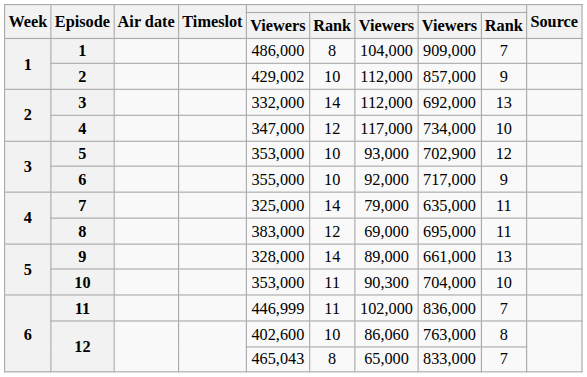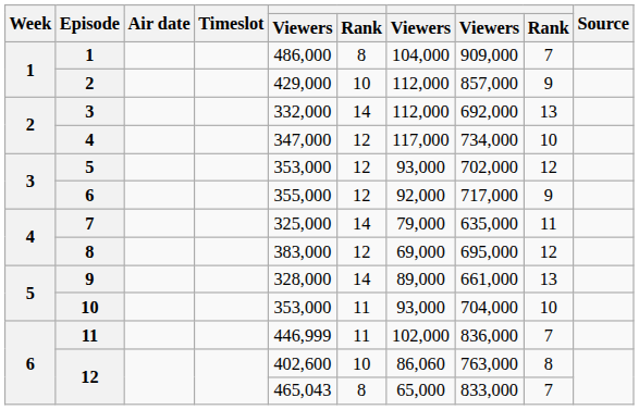 <table class="wikitable nowrap" style="text-align:center; font-size:90%; line-height:16px;">
 <tr>
 <th rowspan="2">Week</th>
 <th rowspan="2">Episode</th>
 <th rowspan="2" class="unsortable">Air date</th>
 <th rowspan="2" class="unsortable">Timeslot</th>
 <th colspan="2"></th>
 <th></th>
 <th colspan="2"></th>
 <th rowspan="2">Source</th>
 </tr>
 <tr>
 <th>Viewers</th>
 <th>Rank</th>
 <th>Viewers</th>
 <th>Viewers</th>
 <th>Rank</th>
 </tr>
 <tr>
 <th rowspan="2">1</th>
 <th>1</th>
 <td style="text-align:left"></td>
 <td style="text-align:left"></td>
 <td>486,000</td>
 <td>8</td>
 <td>104,000</td>
 <td>909,000</td>
 <td>7</td>
 <td></td>
 </tr>
 <tr>
 <th>2</th>
 <td style="text-align:left"></td>
 <td style="text-align:left"></td>
-<td>429,002</td>
+<td>429,000</td>
 <td>10</td>
 <td>112,000</td>
 <td>857,000</td>
 <td>9</td>
 <td></td>
 </tr>
 <tr>
 <th rowspan="2">2</th>
 <th>3</th>
 <td style="text-align:left"></td>
 <td style="text-align:left"></td>
 <td>332,000</td>
 <td>14</td>
 <td>112,000</td>
 <td>692,000</td>
 <td>13</td>
 <td></td>
 </tr>
 <tr>
 <th>4</th>
 <td style="text-align:left"></td>
 <td style="text-align:left"></td>
 <td>347,000</td>
 <td>12</td>
 <td>117,000</td>
 <td>734,000</td>
 <td>10</td>
 <td></td>
 </tr>
 <tr>
 <th rowspan="2">3</th>
 <th>5</th>
 <td style="text-align:left"></td>
 <td style="text-align:left"></td>
 <td>353,000</td>
-<td>10</td>
+<td>12</td>
 <td>93,000</td>
-<td>702,900</td>
+<td>702,000</td>
 <td>12</td>
 <td></td>
 </tr>
 <tr>
 <th>6</th>
 <td style="text-align:left"></td>
 <td style="text-align:left"></td>
 <td>355,000</td>
-<td>10</td>
+<td>12</td>
 <td>92,000</td>
 <td>717,000</td>
 <td>9</td>
 <td></td>
 </tr>
 <tr>
 <th rowspan="2">4</th>
 <th>7</th>
 <td style="text-align:left"></td>
 <td style="text-align:left"></td>
 <td>325,000</td>
 <td>14</td>
 <td>79,000</td>
 <td>635,000</td>
 <td>11</td>
 <td></td>
 </tr>
 <tr>
 <th>8</th>
 <td style="text-align:left"></td>
 <td style="text-align:left"></td>
 <td>383,000</td>
 <td>12</td>
 <td>69,000</td>
 <td>695,000</td>
-<td>11</td>
+<td>12</td>
 <td></td>
 </tr>
 <tr>
 <th rowspan="2">5</th>
 <th>9</th>
 <td style="text-align:left"></td>
 <td style="text-align:left"></td>
 <td>328,000</td>
 <td>14</td>
 <td>89,000</td>
 <td>661,000</td>
 <td>13</td>
 <td></td>
 </tr>
 <tr>
 <th>10</th>
 <td style="text-align:left"></td>
 <td style="text-align:left"></td>
 <td>353,000</td>
 <td>11</td>
-<td>90,300</td>
+<td>93,000</td>
 <td>704,000</td>
 <td>10</td>
 <td></td>
 </tr>
 <tr>
 <th rowspan="3">6</th>
 <th>11</th>
 <td style="text-align:left"></td>
 <td style="text-align:left"></td>
 <td>446,999</td>
 <td>11</td>
 <td>102,000</td>
 <td>836,000</td>
 <td>7</td>
 <td></td>
 </tr>
 <tr>
 <th rowspan="2">12</th>
 <td rowspan="2"style="text-align:left"></td>
 <td rowspan="2"style="text-align:left"></td>
 <td>402,600</td>
 <td>10</td>
 <td>86,060</td>
 <td>763,000</td>
 <td>8</td>
 <td rowspan="2"></td>
 </tr>
 <tr>
 <td>465,043</td>
 <td>8</td>
 <td>65,000</td>
 <td>833,000</td>
 <td>7</td>
 </tr>
 </table>
